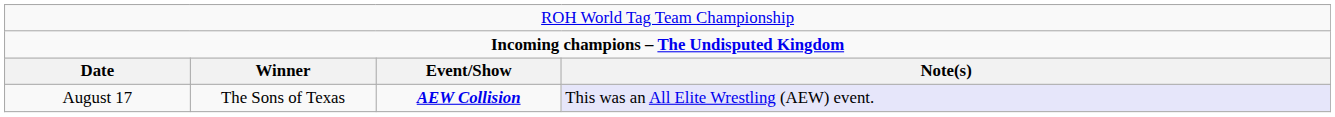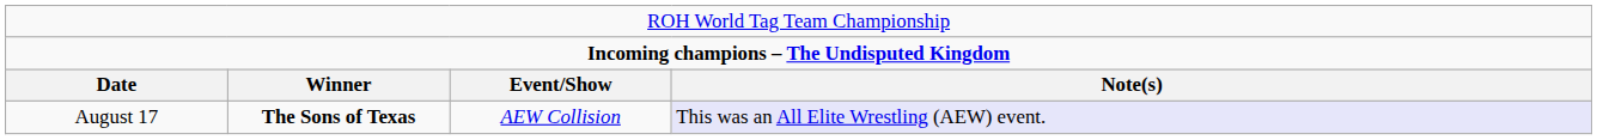 <table class="wikitable" style="text-align:center; width:100%;">
 <tr>
 <td colspan="4" style="text-align: center;"><a href='#'>ROH World Tag Team Championship</a></td>
 </tr>
 <tr>
 <td colspan="4" style="text-align: center;"><strong>Incoming champions – <a href='#'>The Undisputed Kingdom</a> </strong></td>
 </tr>
 <tr>
 <th width=14%>Date</th>
 <th width=14%>Winner</th>
 <th width=14%>Event/Show</th>
 <th width=58%>Note(s)</th>
 </tr>
 <tr>
 <td>August 17</td>
-<td>The Sons of Texas<br></td>
-<td><strong><em><a href='#'>AEW Collision</a></em></strong></td>
+<td><strong>The Sons of Texas<br></strong></td>
+<td><em><a href='#'>AEW Collision</a></em></td>
 <td align=left style="background: lavender;">This was an <a href='#'>All Elite Wrestling</a> (AEW) event.</td>
 </tr>
 </table>
